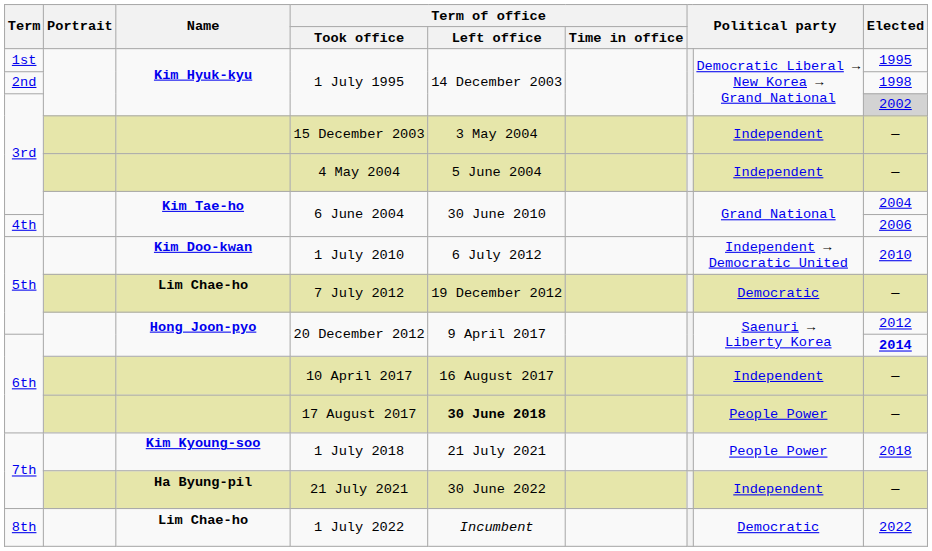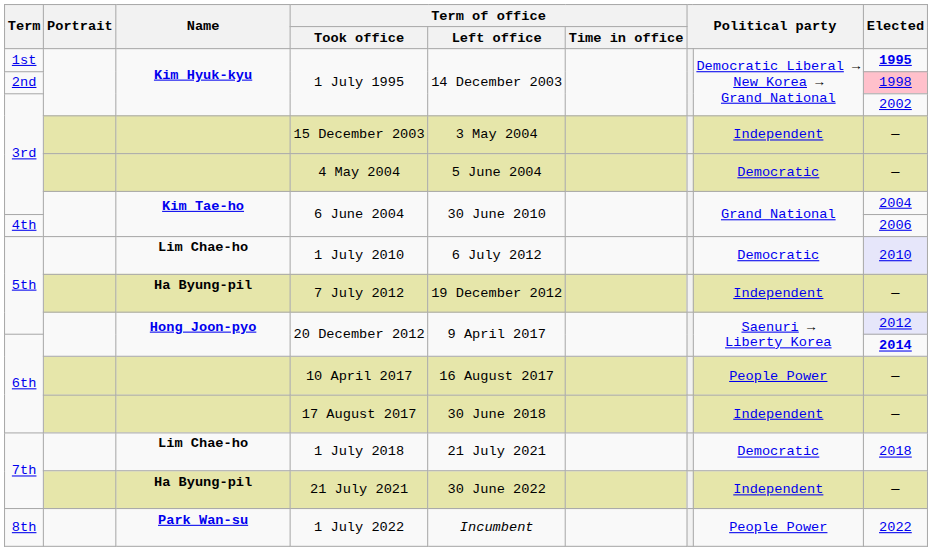 <table class="wikitable" style="text-align:center">
 <tr>
 <th rowspan="2">Term</th>
 <th rowspan="2">Portrait</th>
 <th rowspan="2" width="160">Name<br></th>
 <th colspan="3">Term of office</th>
 <th colspan="2" rowspan="2">Political party</th>
 <th rowspan="2">Elected</th>
 </tr>
 <tr>
 <th>Took office</th>
 <th>Left office</th>
 <th>Time in office</th>
 </tr>
 <tr>
 <td><a href='#'>1st</a></td>
 <td rowspan="3"></td>
 <td rowspan="3"><strong><a href='#'>Kim Hyuk-kyu</a></strong><br><br></td>
 <td rowspan="3">1 July 1995</td>
 <td rowspan="3">14 December 2003</td>
 <td rowspan="3"></td>
 <th rowspan="3" style="background:"></th>
 <td rowspan="3"><a href='#'>Democratic Liberal</a> →<br><a href='#'>New Korea</a> →<br><a href='#'>Grand National</a></td>
-<td><a href='#'>1995</a></td>
+<td><strong><a href='#'>1995</a></strong></td>
 </tr>
 <tr>
 <td><a href='#'>2nd</a></td>
-<td><a href='#'>1998</a></td>
+<td style="background: pink;"><a href='#'>1998</a></td>
 </tr>
 <tr>
 <td rowspan="4"><a href='#'>3rd</a></td>
-<td style="background: lightgrey;"><a href='#'>2002</a></td>
+<td><a href='#'>2002</a></td>
 </tr>
 <tr style="background:#E6E6AA;">
 <td></td>
 <td><strong></strong><br><br></td>
 <td>15 December 2003</td>
 <td>3 May 2004</td>
 <td></td>
 <th style="background:"></th>
 <td><a href='#'>Independent</a></td>
 <td>—</td>
 </tr>
 <tr style="background:#E6E6AA;">
 <td></td>
 <td><strong></strong><br><br></td>
 <td>4 May 2004</td>
 <td>5 June 2004</td>
 <td></td>
 <th style="background:"></th>
-<td><a href='#'>Independent</a></td>
+<td><a href='#'>Democratic</a></td>
 <td>—</td>
 </tr>
 <tr>
 <td rowspan="2"></td>
 <td rowspan="2"><strong><a href='#'>Kim Tae-ho</a></strong><br><br></td>
 <td rowspan="2">6 June 2004</td>
 <td rowspan="2">30 June 2010</td>
 <td rowspan="2"></td>
 <th rowspan="2" style="background:"></th>
 <td rowspan="2"><a href='#'>Grand National</a></td>
 <td><a href='#'>2004 </a></td>
 </tr>
 <tr>
 <td><a href='#'>4th</a></td>
 <td><a href='#'>2006</a></td>
 </tr>
 <tr>
 <td rowspan="3"><a href='#'>5th</a></td>
 <td></td>
-<td><strong><a href='#'>Kim Doo-kwan</a></strong><br><br></td>
+<td><strong>Lim Chae-ho</strong><br><br></td>
 <td>1 July 2010</td>
 <td>6 July 2012</td>
 <td></td>
 <th style="background:"></th>
-<td><a href='#'>Independent</a> →<br><a href='#'>Democratic United</a></td>
-<td><a href='#'>2010</a></td>
+<td><a href='#'>Democratic</a></td>
+<td style="background: lavender;"><a href='#'>2010</a></td>
 </tr>
 <tr style="background:#E6E6AA;">
 <td></td>
-<td><strong>Lim Chae-ho</strong><br><br></td>
+<td><strong>Ha Byung-pil</strong><br><br></td>
 <td>7 July 2012</td>
 <td>19 December 2012</td>
 <td></td>
 <th style="background:"></th>
-<td><a href='#'>Democratic</a></td>
+<td><a href='#'>Independent</a></td>
 <td>—</td>
 </tr>
 <tr>
 <td rowspan="2"></td>
 <td rowspan="2"><strong><a href='#'>Hong Joon-pyo</a></strong><br><br></td>
 <td rowspan="2">20 December 2012</td>
 <td rowspan="2">9 April 2017</td>
 <td rowspan="2"></td>
 <th rowspan="2" style="background:"></th>
 <td rowspan="2"><a href='#'>Saenuri</a> →<br><a href='#'>Liberty Korea</a></td>
-<td><a href='#'>2012 </a></td>
+<td style="background: lavender;"><a href='#'>2012 </a></td>
 </tr>
 <tr>
 <td rowspan="3"><a href='#'>6th</a></td>
 <td><strong><a href='#'>2014</a></strong></td>
 </tr>
 <tr style="background:#E6E6AA;">
 <td></td>
 <td><strong></strong><br><br></td>
 <td>10 April 2017</td>
 <td>16 August 2017</td>
 <td></td>
 <th style="background:"></th>
-<td><a href='#'>Independent</a></td>
+<td><a href='#'>People Power</a></td>
 <td>—</td>
 </tr>
 <tr style="background:#E6E6AA;">
 <td></td>
 <td><strong></strong><br><br></td>
 <td>17 August 2017</td>
-<td><strong>30 June 2018</strong></td>
+<td>30 June 2018</td>
 <td></td>
 <th style="background:"></th>
-<td><a href='#'>People Power</a></td>
+<td><a href='#'>Independent</a></td>
 <td>—</td>
 </tr>
 <tr>
 <td rowspan="2"><a href='#'>7th</a></td>
 <td></td>
-<td><strong><a href='#'>Kim Kyoung-soo</a></strong><br><br></td>
+<td><strong>Lim Chae-ho</strong><br><br></td>
 <td>1 July 2018</td>
 <td>21 July 2021</td>
 <td></td>
 <th style="background:"></th>
-<td><a href='#'>People Power</a></td>
+<td><a href='#'>Democratic</a></td>
 <td><a href='#'>2018</a></td>
 </tr>
 <tr style="background:#E6E6AA;">
 <td></td>
 <td><strong>Ha Byung-pil</strong><br><br></td>
 <td>21 July 2021</td>
 <td>30 June 2022</td>
 <td></td>
 <th style="background:"></th>
 <td><a href='#'>Independent</a></td>
 <td>—</td>
 </tr>
 <tr>
 <td><a href='#'>8th</a></td>
 <td></td>
-<td><strong>Lim Chae-ho</strong><br><br></td>
+<td><strong><a href='#'>Park Wan-su</a></strong><br><br></td>
 <td>1 July 2022</td>
 <td><em>Incumbent</em></td>
 <td></td>
 <th style="background:"></th>
-<td><a href='#'>Democratic</a></td>
+<td><a href='#'>People Power</a></td>
 <td><a href='#'>2022</a></td>
 </tr>
 </table>
